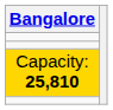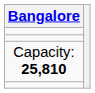 <table class="wikitable" style="text-align:center">
 <tr>
 <th width="20px"><a href='#'>Bangalore</a></th>
 <th rowspan="5"></th>
 </tr>
 <tr>
 <td></td>
 </tr>
 <tr>
 <td></td>
 </tr>
 <tr>
-<td style="background: gold;">Capacity: <strong>25,810</strong></td>
+<td>Capacity: <strong>25,810</strong></td>
 </tr>
 <tr>
 <td></td>
 </tr>
 </table>
